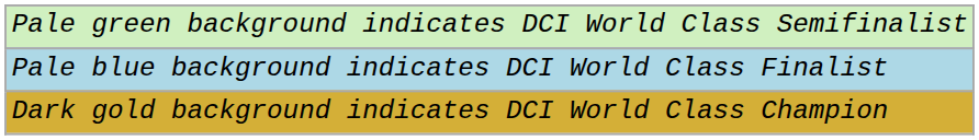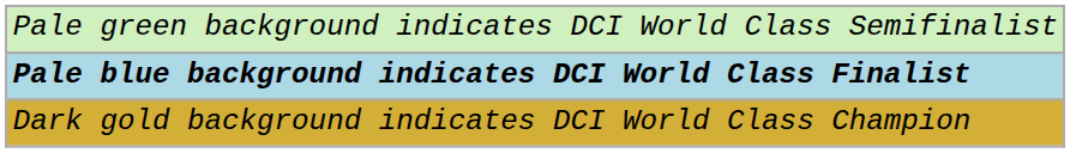 <table class="wikitable" style="font-size:95%;">
 <tr>
 <td style="background-color:#d0f0c0"><em>Pale green background indicates DCI World Class Semifinalist</em></td>
 </tr>
 <tr>
-<td style="background-color:#add8e6"><em>Pale blue background indicates DCI World Class Finalist</em></td>
+<td style="background-color:#add8e6"><strong><em>Pale blue background indicates DCI World Class Finalist</em></strong></td>
 </tr>
 <tr>
 <td style="background-color:#d4af37"><em>Dark gold background indicates DCI World Class Champion</em></td>
 </tr>
 </table>
